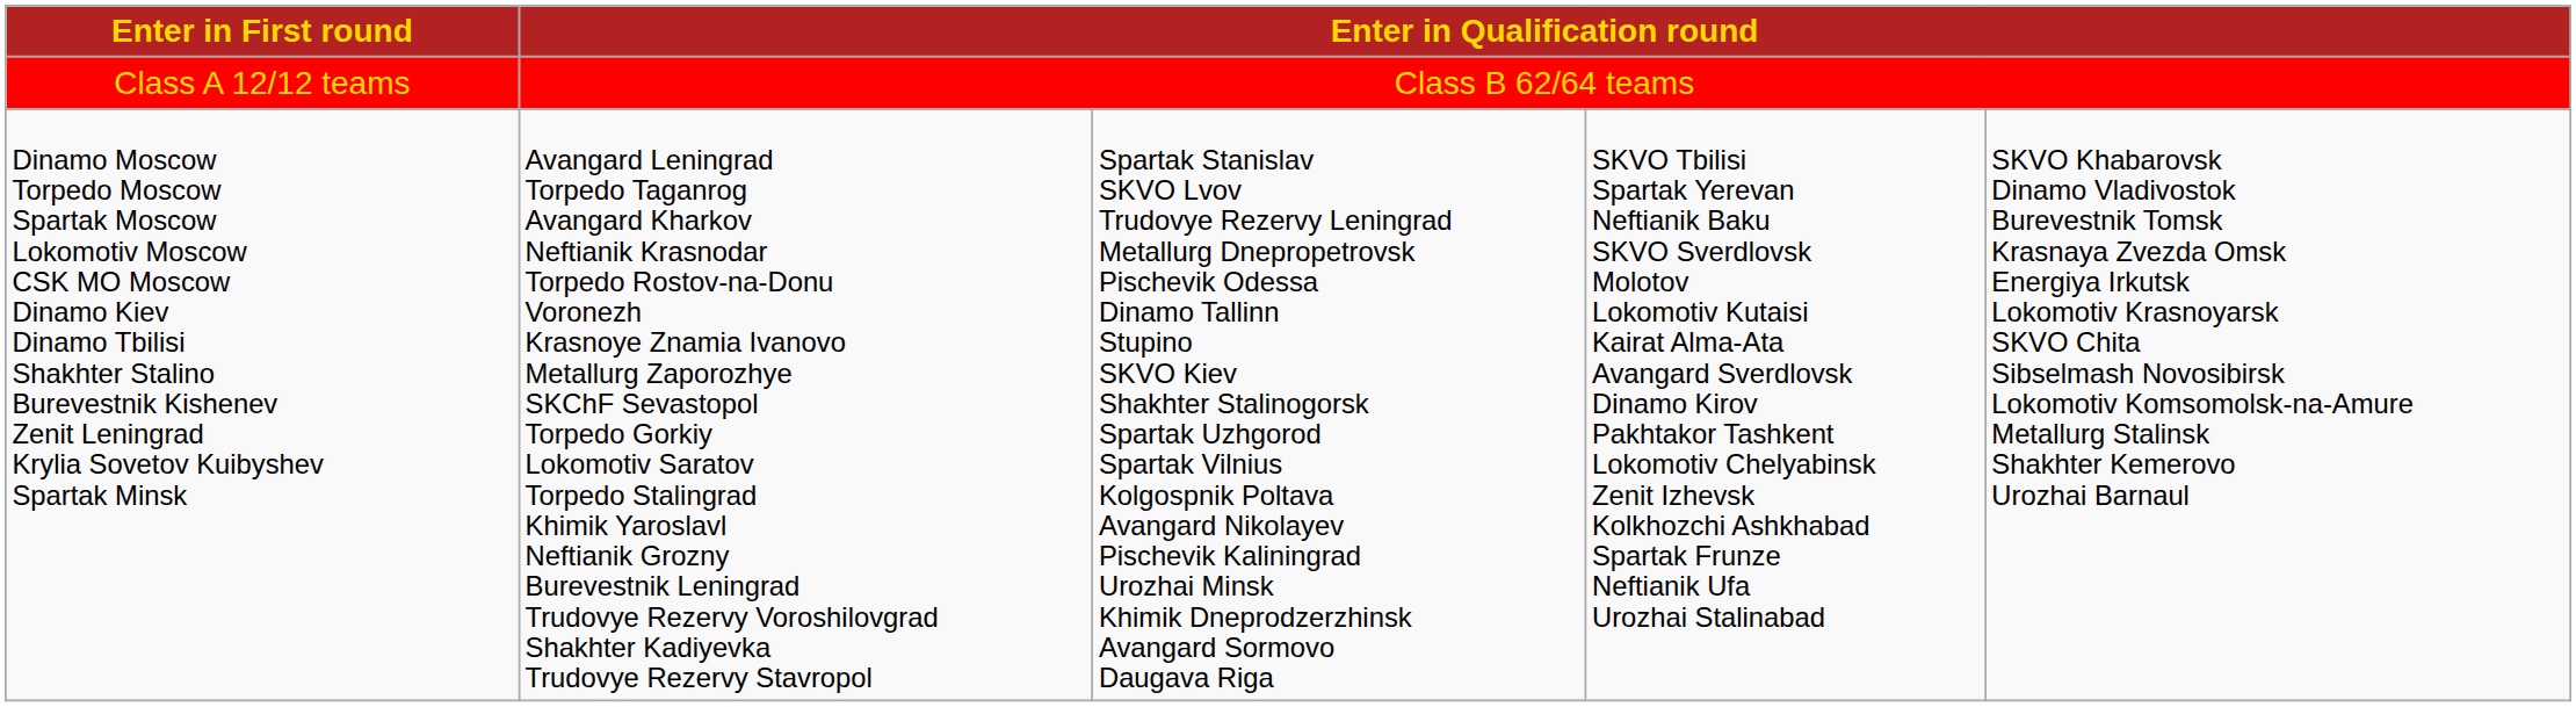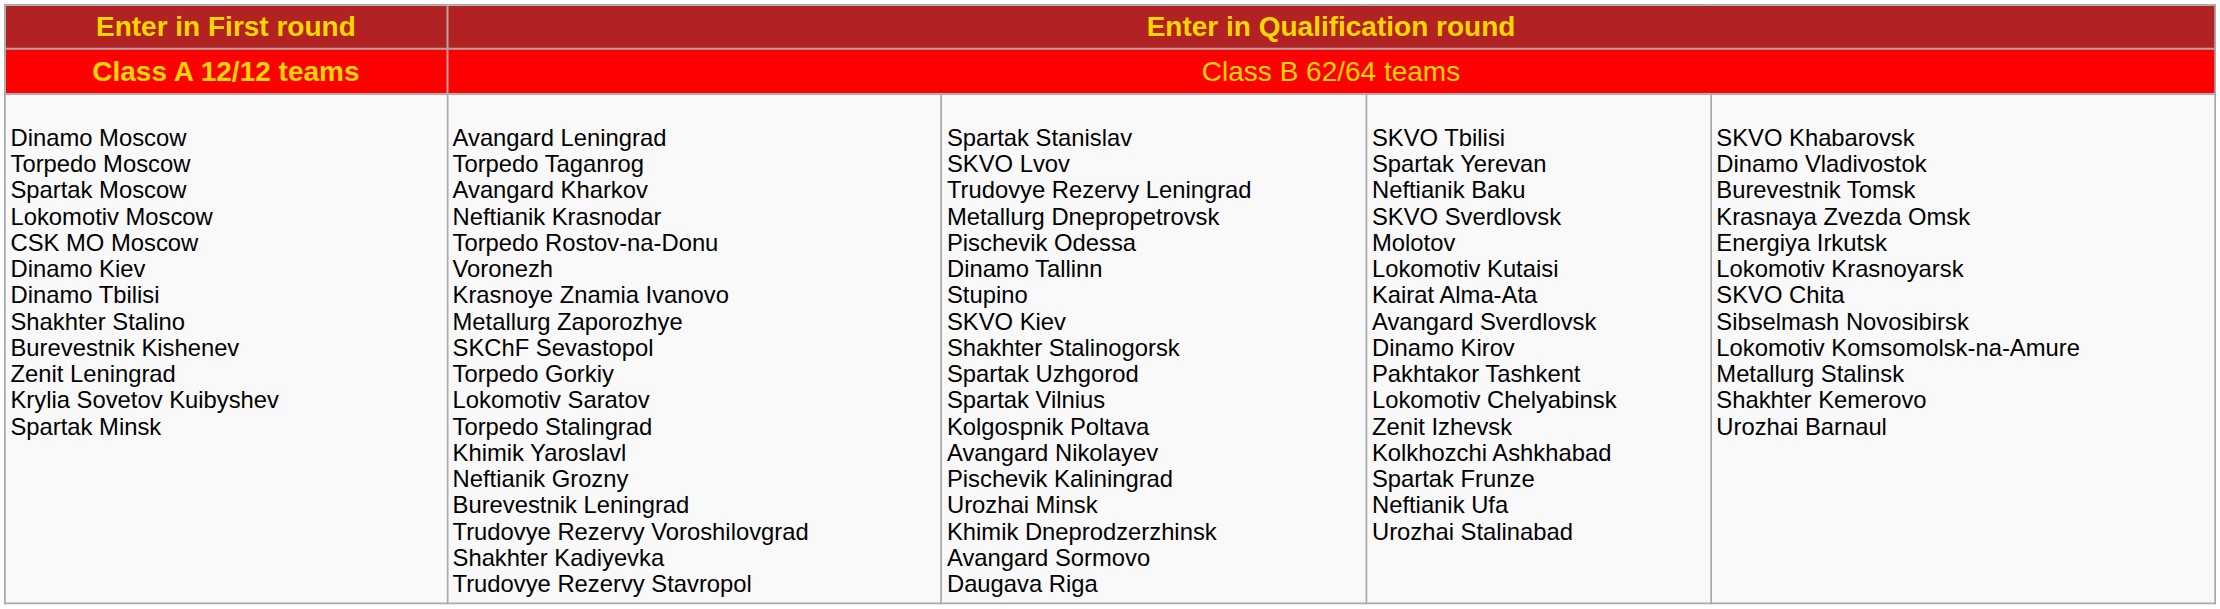 <table class="wikitable" style="width:100%;">
 <tr style="background:Firebrick; text-align:center;">
 <td style="width:20%; color:Gold" colspan="1"><strong>Enter in First round</strong></td>
 <td style="width:80%; color:Gold" colspan="4"><strong>Enter in Qualification round</strong></td>
 </tr>
 <tr style="background:Red;">
-<td style="text-align:center; width:20%; color:Gold" colspan=1>Class A 12/12 teams</td>
+<td style="text-align:center; width:20%; color:Gold" colspan=1><strong>Class A 12/12 teams</strong></td>
 <td style="text-align:center; width:80%; color:Gold" colspan=4>Class B 62/64 teams</td>
 </tr>
 <tr style="vertical-align:top; font-size:85%;">
 <td rowspan=3><br> Dinamo Moscow<br>  Torpedo Moscow<br>  Spartak Moscow<br>  Lokomotiv Moscow<br>  CSK MO Moscow<br>  Dinamo Kiev<br>  Dinamo Tbilisi<br>  Shakhter Stalino<br>  Burevestnik Kishenev<br>  Zenit Leningrad<br>  Krylia Sovetov Kuibyshev<br>  Spartak Minsk<br></td>
 <td><br> Avangard Leningrad<br>  Torpedo Taganrog<br>  Avangard Kharkov<br>  Neftianik Krasnodar<br>  Torpedo Rostov-na-Donu<br>  Voronezh<br>  Krasnoye Znamia Ivanovo<br>  Metallurg Zaporozhye<br>  SKChF Sevastopol<br>  Torpedo Gorkiy<br>  Lokomotiv Saratov<br>  Torpedo Stalingrad<br>  Khimik Yaroslavl<br>  Neftianik Grozny<br>  Burevestnik Leningrad<br>  Trudovye Rezervy Voroshilovgrad<br>  Shakhter Kadiyevka<br>  Trudovye Rezervy Stavropol<br></td>
 <td><br> Spartak Stanislav<br>  SKVO Lvov<br>  Trudovye Rezervy Leningrad<br>  Metallurg Dnepropetrovsk<br>  Pischevik Odessa<br>  Dinamo Tallinn<br>  Stupino<br>  SKVO Kiev<br>  Shakhter Stalinogorsk<br>  Spartak Uzhgorod<br>  Spartak Vilnius<br>  Kolgospnik Poltava<br>  Avangard Nikolayev<br>  Pischevik Kaliningrad<br>  Urozhai Minsk<br>  Khimik Dneprodzerzhinsk<br>  Avangard Sormovo<br>  Daugava Riga<br></td>
 <td><br> SKVO Tbilisi<br>  Spartak Yerevan<br>  Neftianik Baku<br>  SKVO Sverdlovsk<br>  Molotov<br>  Lokomotiv Kutaisi<br>  Kairat Alma-Ata<br>  Avangard Sverdlovsk<br>  Dinamo Kirov<br>  Pakhtakor Tashkent<br>  Lokomotiv Chelyabinsk<br>  Zenit Izhevsk<br>  Kolkhozchi Ashkhabad<br>  Spartak Frunze<br>  Neftianik Ufa<br>  Urozhai Stalinabad<br></td>
 <td><br> SKVO Khabarovsk<br>  Dinamo Vladivostok<br>  Burevestnik Tomsk<br>  Krasnaya Zvezda Omsk<br>  Energiya Irkutsk<br>  Lokomotiv Krasnoyarsk<br>  SKVO Chita<br>  Sibselmash Novosibirsk<br>  Lokomotiv Komsomolsk-na-Amure<br>  Metallurg Stalinsk<br>  Shakhter Kemerovo<br>  Urozhai Barnaul<br></td>
 </tr>
 </table>
